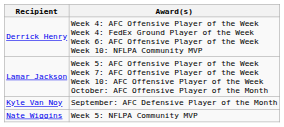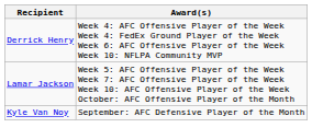 <table class="wikitable">
 <tr>
 <th>Recipient</th>
 <th>Award(s)</th>
 </tr>
 <tr>
 <td><a href='#'>Derrick Henry</a></td>
 <td>Week 4: AFC Offensive Player of the Week<br>Week 4: FedEx Ground Player of the Week<br>Week 6: AFC Offensive Player of the Week<br> Week 10: NFLPA Community MVP</td>
 </tr>
 <tr>
 <td><a href='#'>Lamar Jackson</a></td>
 <td>Week 5: AFC Offensive Player of the Week<br>Week 7: AFC Offensive Player of the Week<br>Week 10: AFC Offensive Player of the Week<br>October: AFC Offensive Player of the Month</td>
 </tr>
 <tr>
 <td><a href='#'>Kyle Van Noy</a></td>
 <td>September: AFC Defensive Player of the Month</td>
 </tr>
-<tr>
-<td><a href='#'>Nate Wiggins</a></td>
-<td>Week 5: NFLPA Community MVP</td>
-</tr>
 </table>
